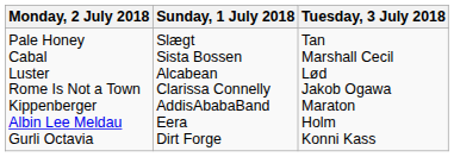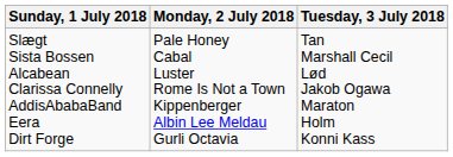 <table class="wikitable">
 <tr>
+<th>Sunday, 1 July 2018</th>
 <th>Monday, 2 July 2018</th>
-<th>Sunday, 1 July 2018</th>
 <th>Tuesday, 3 July 2018</th>
 </tr>
 <tr valign="top">
+<td>Slægt<br>Sista Bossen<br>Alcabean<br>Clarissa Connelly<br>AddisAbabaBand<br>Eera<br>Dirt Forge</td>
 <td>Pale Honey<br>Cabal<br>Luster<br>Rome Is Not a Town<br>Kippenberger<br><a href='#'>Albin Lee Meldau</a><br>Gurli Octavia</td>
-<td>Slægt<br>Sista Bossen<br>Alcabean<br>Clarissa Connelly<br>AddisAbabaBand<br>Eera<br>Dirt Forge</td>
 <td>Tan<br>Marshall Cecil<br>Lød<br>Jakob Ogawa<br>Maraton<br>Holm<br>Konni Kass</td>
 </tr>
 </table>
